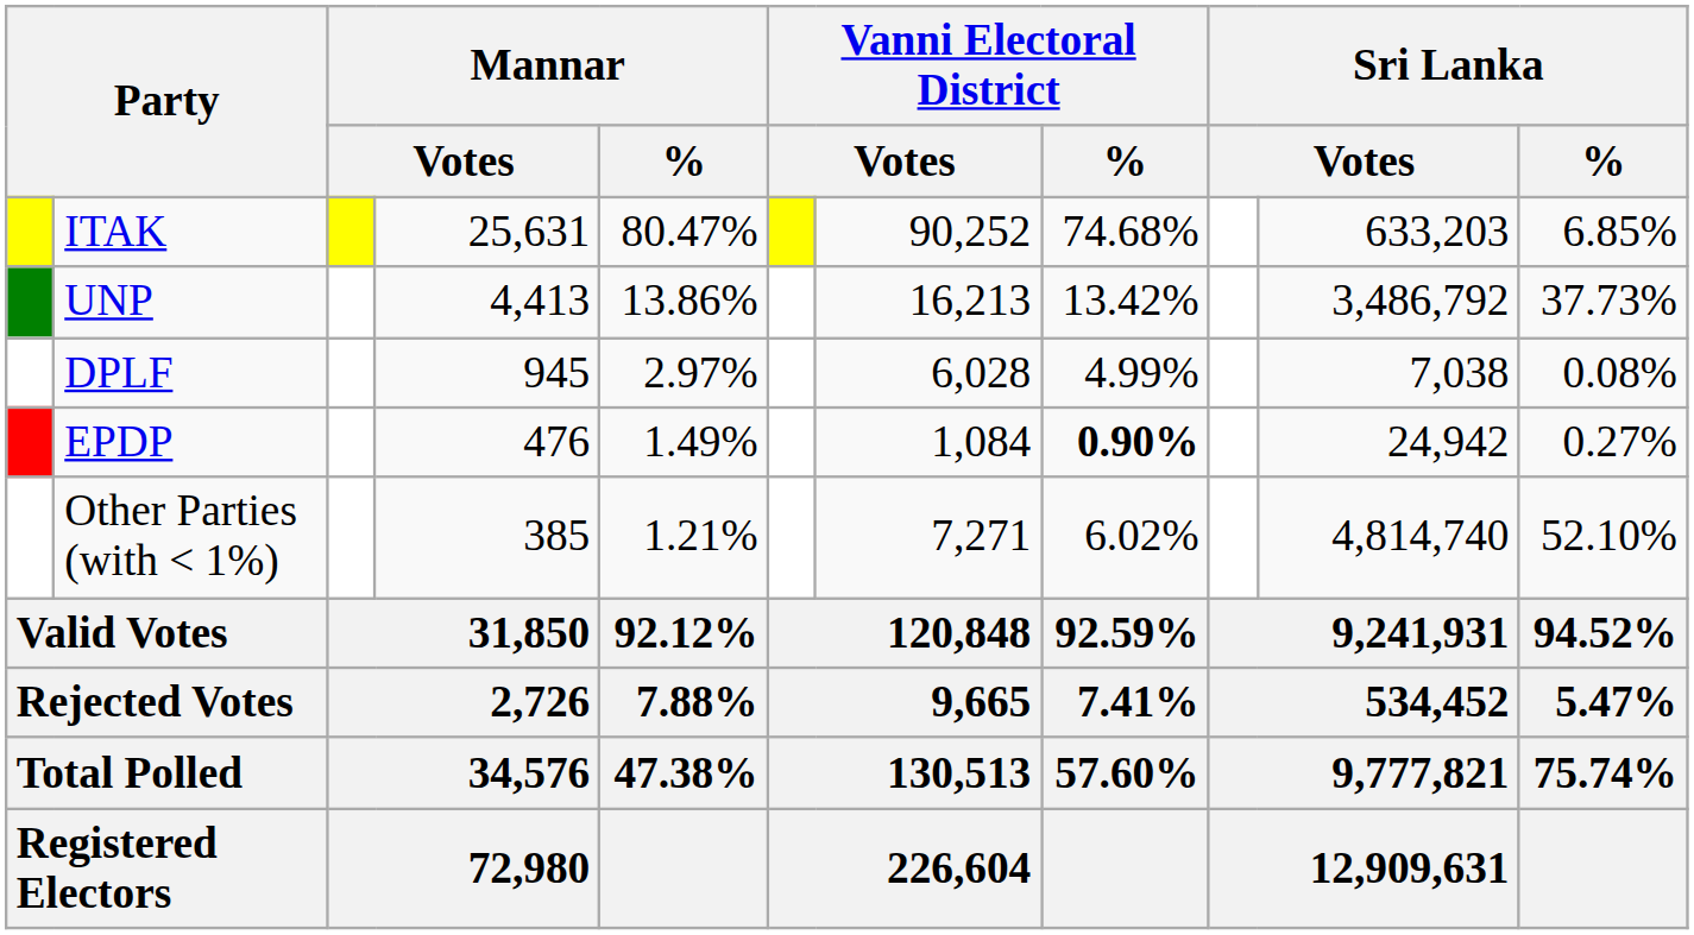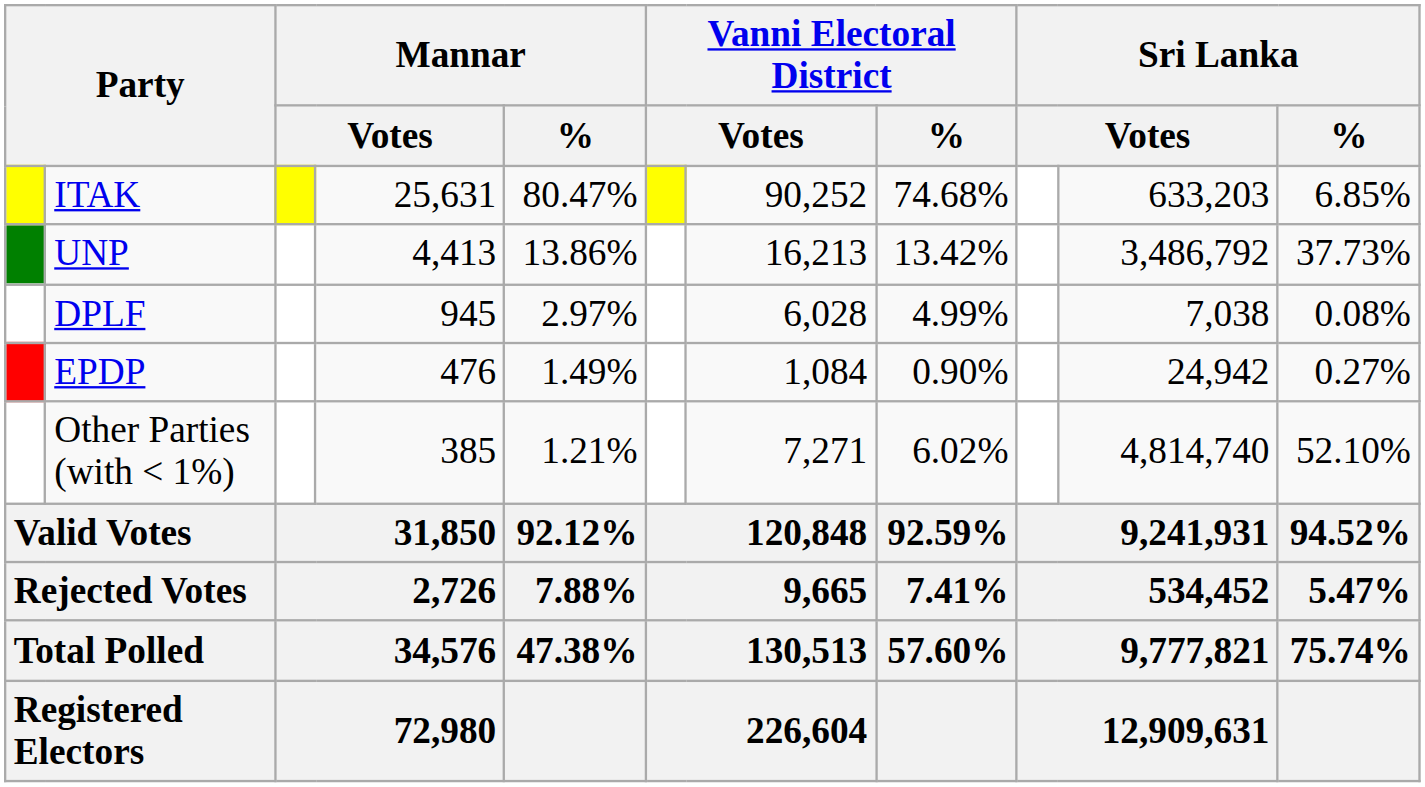 <table class="wikitable">
 <tr>
 <th colspan="2" width="144px"rowspan="2">Party</th>
 <th colspan="3" width="216px">Mannar</th>
 <th colspan="3" width="216px"><a href='#'>Vanni Electoral District</a></th>
 <th colspan="3" width="216px">Sri Lanka</th>
 </tr>
 <tr>
 <th colspan="2" width="144px">Votes</th>
 <th>%</th>
 <th colspan="2" width="144px">Votes</th>
 <th>%</th>
 <th colspan="2" width="144px">Votes</th>
 <th>%</th>
 </tr>
 <tr>
 <td style="background-color:yellow;" width="10px"></td>
 <td style="text-align:left;"><a href='#'>ITAK</a></td>
 <td style="background-color:yellow;" width="10px"></td>
 <td style="text-align:right;">25,631</td>
 <td style="text-align:right;">80.47%</td>
 <td style="background-color:yellow;" width="10px"></td>
 <td style="text-align:right;">90,252</td>
 <td style="text-align:right;">74.68%</td>
 <td style="background-color:white;" width="10px"></td>
 <td style="text-align:right;">633,203</td>
 <td style="text-align:right;">6.85%</td>
 </tr>
 <tr>
 <td style="background-color:green;" width="10px"></td>
 <td style="text-align:left;"><a href='#'>UNP</a></td>
 <td style="background-color:white;" width="10px"></td>
 <td style="text-align:right;">4,413</td>
 <td style="text-align:right;">13.86%</td>
 <td style="background-color:white;" width="10px"></td>
 <td style="text-align:right;">16,213</td>
 <td style="text-align:right;">13.42%</td>
 <td style="background-color:white;" width="10px"></td>
 <td style="text-align:right;">3,486,792</td>
 <td style="text-align:right;">37.73%</td>
 </tr>
 <tr>
 <td style="background-color:white;" width="10px"></td>
 <td style="text-align:left;"><a href='#'>DPLF</a></td>
 <td style="background-color:white;" width="10px"></td>
 <td style="text-align:right;">945</td>
 <td style="text-align:right;">2.97%</td>
 <td style="background-color:white;" width="10px"></td>
 <td style="text-align:right;">6,028</td>
 <td style="text-align:right;">4.99%</td>
 <td style="background-color:white;" width="10px"></td>
 <td style="text-align:right;">7,038</td>
 <td style="text-align:right;">0.08%</td>
 </tr>
 <tr>
 <td style="background-color:red;" width="10px"></td>
 <td style="text-align:left;"><a href='#'>EPDP</a></td>
 <td style="background-color:white;" width="10px"></td>
 <td style="text-align:right;">476</td>
 <td style="text-align:right;">1.49%</td>
 <td style="background-color:white;" width="10px"></td>
 <td style="text-align:right;">1,084</td>
-<td style="text-align:right;"><strong>0.90%</strong></td>
+<td style="text-align:right;">0.90%</td>
 <td style="background-color:white;" width="10px"></td>
 <td style="text-align:right;">24,942</td>
 <td style="text-align:right;">0.27%</td>
 </tr>
 <tr>
 <td style="background-color:white;" width="10px"></td>
 <td style="text-align:left;">Other Parties (with < 1%)</td>
 <td style="background-color:white;" width="10px"></td>
 <td style="text-align:right;">385</td>
 <td style="text-align:right;">1.21%</td>
 <td style="background-color:white;" width="10px"></td>
 <td style="text-align:right;">7,271</td>
 <td style="text-align:right;">6.02%</td>
 <td style="background-color:white;" width="10px"></td>
 <td style="text-align:right;">4,814,740</td>
 <td style="text-align:right;">52.10%</td>
 </tr>
 <tr>
 <th colspan="2" width="144px"style="text-align:left;">Valid Votes</th>
 <th style="text-align:right;"colspan="2" width="144px">31,850</th>
 <th style="text-align:right;">92.12%</th>
 <th style="text-align:right;"colspan="2" width="144px">120,848</th>
 <th style="text-align:right;">92.59%</th>
 <th style="text-align:right;"colspan="2" width="144px">9,241,931</th>
 <th style="text-align:right;">94.52%</th>
 </tr>
 <tr>
 <th colspan="2" width="144px"style="text-align:left;">Rejected Votes</th>
 <th style="text-align:right;"colspan="2" width="144px">2,726</th>
 <th style="text-align:right;">7.88%</th>
 <th style="text-align:right;"colspan="2" width="144px">9,665</th>
 <th style="text-align:right;">7.41%</th>
 <th style="text-align:right;"colspan="2" width="144px">534,452</th>
 <th style="text-align:right;">5.47%</th>
 </tr>
 <tr>
 <th colspan="2" width="144px"style="text-align:left;">Total Polled</th>
 <th style="text-align:right;"colspan="2" width="144px">34,576</th>
 <th style="text-align:right;">47.38%</th>
 <th style="text-align:right;"colspan="2" width="144px">130,513</th>
 <th style="text-align:right;">57.60%</th>
 <th style="text-align:right;"colspan="2" width="144px">9,777,821</th>
 <th style="text-align:right;">75.74%</th>
 </tr>
 <tr>
 <th colspan="2" width="144px"style="text-align:left;">Registered Electors</th>
 <th style="text-align:right;"colspan="2" width="144px">72,980</th>
 <th></th>
 <th style="text-align:right;"colspan="2" width="144px">226,604</th>
 <th></th>
 <th style="text-align:right;"colspan="2" width="144px">12,909,631</th>
 <th></th>
 </tr>
 </table>
